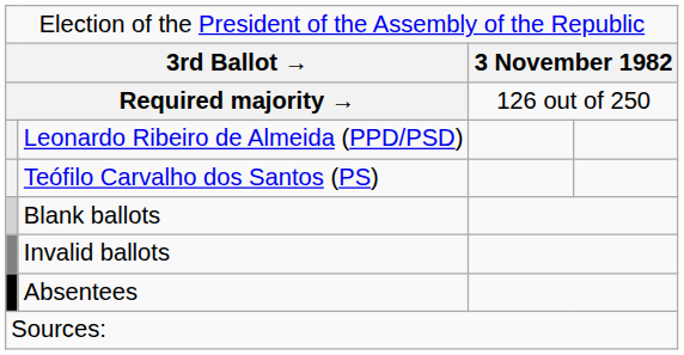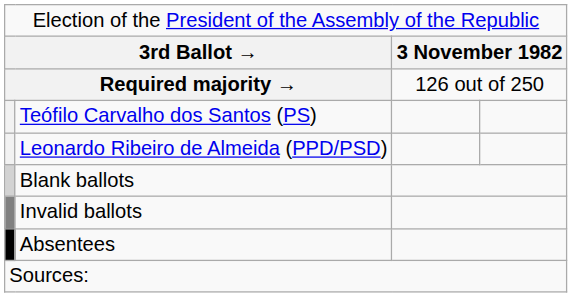 <table class="wikitable" style="text-align:center;">
 <tr>
 <td colspan="4" align="center">Election of the <a href='#'>President of the Assembly of the Republic</a></td>
 </tr>
 <tr>
 <th colspan="2" width="225px">3rd Ballot →</th>
 <th colspan="2">3 November 1982</th>
 </tr>
 <tr>
 <th colspan="2">Required majority →</th>
 <td colspan="2">126 out of 250</td>
 </tr>
 <tr>
 <th width="1px" style="background:"></th>
-<td align="left"><a href='#'>Leonardo Ribeiro de Almeida</a> (<a href='#'>PPD/PSD</a>)</td>
+<td align="left"><a href='#'>Teófilo Carvalho dos Santos</a> (<a href='#'>PS</a>)</td>
 <td></td>
 <td></td>
 </tr>
 <tr>
 <th width="1px" style="background:"></th>
-<td align="left"><a href='#'>Teófilo Carvalho dos Santos</a> (<a href='#'>PS</a>)</td>
+<td align="left"><a href='#'>Leonardo Ribeiro de Almeida</a> (<a href='#'>PPD/PSD</a>)</td>
 <td></td>
 <td></td>
 </tr>
 <tr>
 <th style="background:lightgray;"></th>
 <td align="left">Blank ballots</td>
 <td colspan="2"></td>
 </tr>
 <tr>
 <th style="background:gray;"></th>
 <td align="left">Invalid ballots</td>
 <td colspan="2"></td>
 </tr>
 <tr>
 <th style="background:black;"></th>
 <td align="left">Absentees</td>
 <td colspan="2"></td>
 </tr>
 <tr>
 <td align="left" colspan="4">Sources: </td>
 </tr>
 </table>
